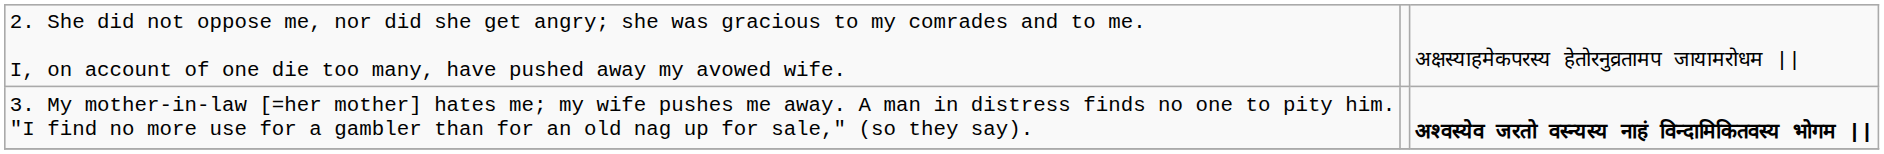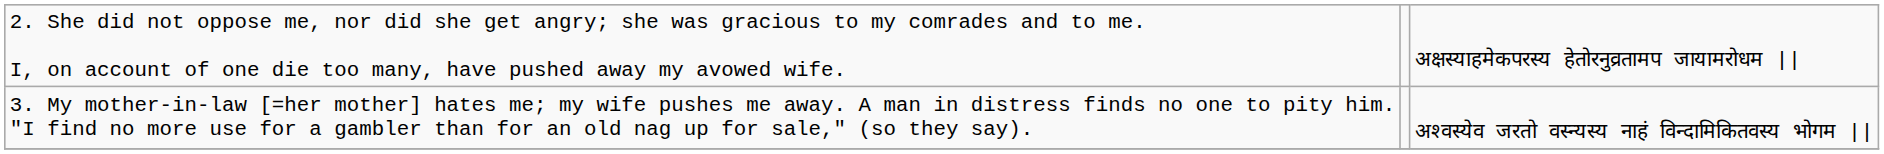 <table class=wikitable>
 <tr>
 <td>2. She did not oppose me, nor did she get angry; she was gracious to my comrades and to me.<br><br>I, on account of one die too many, have pushed away my avowed wife.</td>
 <td><em></em>  <br><br><em> </em></td>
 <td><br>अक्षस्याहमेकपरस्य हेतोरनुव्रतामप जायामरोधम ||</td>
 </tr>
 <tr>
 <td>3. My mother-in-law [=her mother] hates me; my wife pushes me away. A man in distress finds no one to pity him.<br>"I find no more use for a gambler than for an old nag up for sale," (so they say).</td>
 <td><em> </em><br><br><em>  </em></td>
-<td><strong><br>अश्वस्येव जरतो वस्न्यस्य नाहं विन्दामिकितवस्य भोगम ||</strong></td>
+<td><br>अश्वस्येव जरतो वस्न्यस्य नाहं विन्दामिकितवस्य भोगम ||</td>
 </tr>
 <tr>
 </tr>
 </table>
